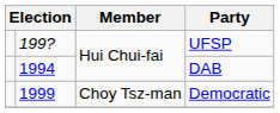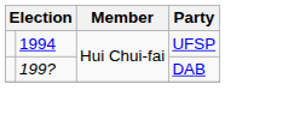 <table class="wikitable">
 <tr>
 <th colspan="2">Election</th>
 <th>Member</th>
 <th>Party</th>
 </tr>
 <tr>
 <td style="background-color: "></td>
-<td><em>199?</em></td>
+<td><a href='#'>1994</a></td>
 <td rowspan=2>Hui Chui-fai</td>
 <td><a href='#'>UFSP</a></td>
 </tr>
 <tr>
 <td style="background-color: "></td>
-<td><a href='#'>1994</a></td>
+<td><em>199?</em></td>
 <td><a href='#'>DAB</a></td>
-</tr>
-<tr>
-<td style="background-color: "></td>
-<td><a href='#'>1999</a></td>
-<td>Choy Tsz-man</td>
-<td><a href='#'>Democratic</a></td>
 </tr>
 <tr>
 </tr>
 </table>
